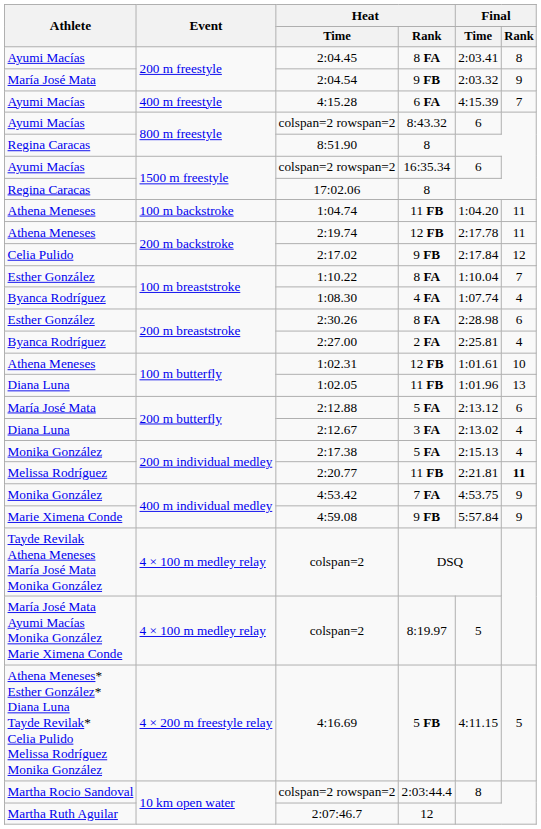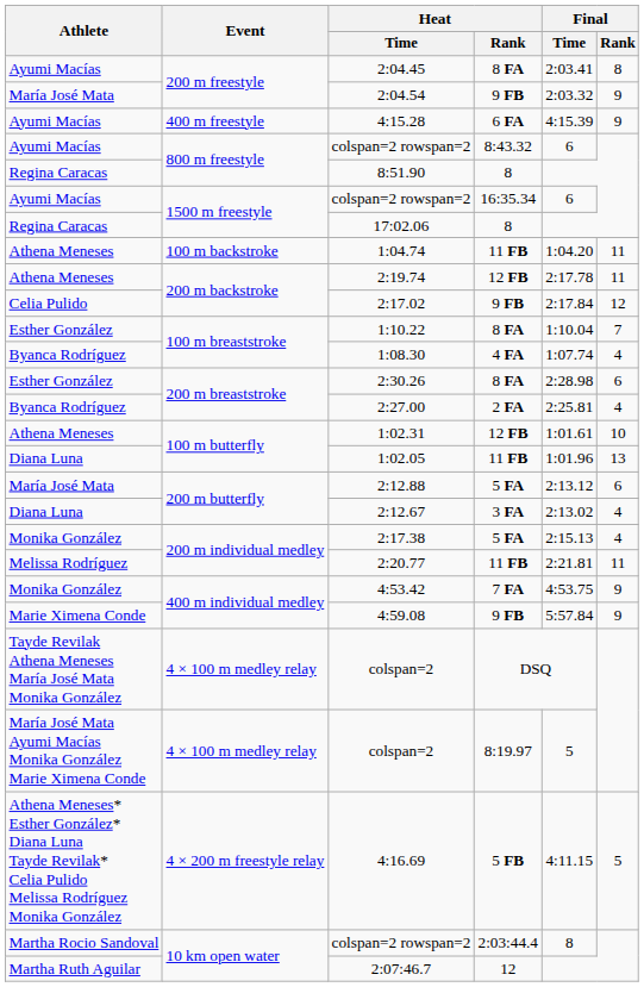 <table class=wikitable style=font-size:90%;text-align:center>
 <tr>
 <th rowspan=2>Athlete</th>
 <th rowspan=2>Event</th>
 <th colspan=2>Heat</th>
 <th colspan=2>Final</th>
 </tr>
 <tr style=font-size:95%>
 <th>Time</th>
 <th>Rank</th>
 <th>Time</th>
 <th>Rank</th>
 </tr>
 <tr>
 <td align=left><a href='#'>Ayumi Macías</a></td>
 <td align=left rowspan=2><a href='#'>200 m freestyle</a></td>
 <td>2:04.45</td>
 <td>8 <strong>FA</strong></td>
 <td>2:03.41</td>
 <td>8</td>
 </tr>
 <tr>
 <td align=left><a href='#'>María José Mata</a></td>
 <td>2:04.54</td>
 <td>9 <strong>FB</strong></td>
 <td>2:03.32</td>
 <td>9</td>
 </tr>
 <tr>
 <td align=left><a href='#'>Ayumi Macías</a></td>
 <td align=left><a href='#'>400 m freestyle</a></td>
 <td>4:15.28</td>
 <td>6 <strong>FA</strong></td>
 <td>4:15.39</td>
-<td>7</td>
+<td>9</td>
 </tr>
 <tr>
 <td align=left><a href='#'>Ayumi Macías</a></td>
 <td align=left rowspan=2><a href='#'>800 m freestyle</a></td>
 <td>colspan=2 rowspan=2 </td>
 <td>8:43.32</td>
 <td>6</td>
 </tr>
 <tr>
 <td align=left><a href='#'>Regina Caracas</a></td>
 <td>8:51.90</td>
 <td>8</td>
 </tr>
 <tr>
 <td align=left><a href='#'>Ayumi Macías</a></td>
 <td align=left rowspan=2><a href='#'>1500 m freestyle</a></td>
 <td>colspan=2 rowspan=2 </td>
 <td>16:35.34</td>
 <td>6</td>
 </tr>
 <tr>
 <td align=left><a href='#'>Regina Caracas</a></td>
 <td>17:02.06</td>
 <td>8</td>
 </tr>
 <tr>
 <td align=left><a href='#'>Athena Meneses</a></td>
 <td align=left><a href='#'>100 m backstroke</a></td>
 <td>1:04.74</td>
 <td>11 <strong>FB</strong></td>
 <td>1:04.20</td>
 <td>11</td>
 </tr>
 <tr>
 <td align=left><a href='#'>Athena Meneses</a></td>
 <td align=left rowspan=2><a href='#'>200 m backstroke</a></td>
 <td>2:19.74</td>
 <td>12 <strong>FB</strong></td>
 <td>2:17.78</td>
 <td>11</td>
 </tr>
 <tr>
 <td align=left><a href='#'>Celia Pulido</a></td>
 <td>2:17.02</td>
 <td>9 <strong>FB</strong></td>
 <td>2:17.84</td>
 <td>12</td>
 </tr>
 <tr>
 <td align=left><a href='#'>Esther González</a></td>
 <td align=left rowspan=2><a href='#'>100 m breaststroke</a></td>
 <td>1:10.22</td>
 <td>8 <strong>FA</strong></td>
 <td>1:10.04</td>
 <td>7</td>
 </tr>
 <tr>
 <td align=left><a href='#'>Byanca Rodríguez</a></td>
 <td>1:08.30</td>
 <td>4 <strong>FA</strong></td>
 <td>1:07.74</td>
 <td>4</td>
 </tr>
 <tr>
 <td align=left><a href='#'>Esther González</a></td>
 <td align=left rowspan=2><a href='#'>200 m breaststroke</a></td>
 <td>2:30.26</td>
 <td>8 <strong>FA</strong></td>
 <td>2:28.98</td>
 <td>6</td>
 </tr>
 <tr>
 <td align=left><a href='#'>Byanca Rodríguez</a></td>
 <td>2:27.00</td>
 <td>2 <strong>FA</strong></td>
 <td>2:25.81</td>
 <td>4</td>
 </tr>
 <tr>
 <td align=left><a href='#'>Athena Meneses</a></td>
 <td align=left rowspan=2><a href='#'>100 m butterfly</a></td>
 <td>1:02.31</td>
 <td>12 <strong>FB</strong></td>
 <td>1:01.61</td>
 <td>10</td>
 </tr>
 <tr>
 <td align=left><a href='#'>Diana Luna</a></td>
 <td>1:02.05</td>
 <td>11 <strong>FB</strong></td>
 <td>1:01.96</td>
 <td>13</td>
 </tr>
 <tr>
 <td align=left><a href='#'>María José Mata</a></td>
 <td align=left rowspan=2><a href='#'>200 m butterfly</a></td>
 <td>2:12.88</td>
 <td>5 <strong>FA</strong></td>
 <td>2:13.12</td>
 <td>6</td>
 </tr>
 <tr>
 <td align=left><a href='#'>Diana Luna</a></td>
 <td>2:12.67</td>
 <td>3 <strong>FA</strong></td>
 <td>2:13.02</td>
 <td>4</td>
 </tr>
 <tr>
 <td align=left><a href='#'>Monika González</a></td>
 <td align=left rowspan=2><a href='#'>200 m individual medley</a></td>
 <td>2:17.38</td>
 <td>5 <strong>FA</strong></td>
 <td>2:15.13</td>
 <td>4</td>
 </tr>
 <tr>
 <td align=left><a href='#'>Melissa Rodríguez</a></td>
 <td>2:20.77</td>
 <td>11 <strong>FB</strong></td>
 <td>2:21.81</td>
-<td><strong>11</strong></td>
+<td>11</td>
 </tr>
 <tr>
 <td align=left><a href='#'>Monika González</a></td>
 <td align=left rowspan=2><a href='#'>400 m individual medley</a></td>
 <td>4:53.42</td>
 <td>7 <strong>FA</strong></td>
 <td>4:53.75</td>
 <td>9</td>
 </tr>
 <tr>
 <td align=left><a href='#'>Marie Ximena Conde</a></td>
 <td>4:59.08</td>
 <td>9 <strong>FB</strong></td>
 <td>5:57.84</td>
 <td>9</td>
 </tr>
 <tr>
 <td align=left><a href='#'>Tayde Revilak</a><br><a href='#'>Athena Meneses</a><br><a href='#'>María José Mata</a><br><a href='#'>Monika González</a></td>
 <td align=left><a href='#'>4 × 100 m medley relay</a></td>
 <td>colspan=2 </td>
 <td colspan=2>DSQ</td>
 </tr>
 <tr>
 <td align=left><a href='#'>María José Mata</a><br><a href='#'>Ayumi Macías</a><br><a href='#'>Monika González</a><br><a href='#'>Marie Ximena Conde</a></td>
 <td align=left><a href='#'>4 × 100 m medley relay</a></td>
 <td>colspan=2 </td>
 <td>8:19.97</td>
 <td>5</td>
 </tr>
 <tr>
 <td align=left><a href='#'>Athena Meneses</a>*<br><a href='#'>Esther González</a>*<br><a href='#'>Diana Luna</a><br><a href='#'>Tayde Revilak</a>*<br><a href='#'>Celia Pulido</a><br><a href='#'>Melissa Rodríguez</a><br><a href='#'>Monika González</a></td>
 <td align=left><a href='#'>4 × 200 m freestyle relay</a></td>
 <td>4:16.69</td>
 <td>5 <strong>FB</strong></td>
 <td>4:11.15</td>
 <td>5</td>
 </tr>
 <tr>
 <td align=left><a href='#'>Martha Rocio Sandoval</a></td>
 <td align=left rowspan=2><a href='#'>10 km open water</a></td>
 <td>colspan=2 rowspan=2 </td>
 <td>2:03:44.4</td>
 <td>8</td>
 </tr>
 <tr>
 <td align=left><a href='#'>Martha Ruth Aguilar</a></td>
 <td>2:07:46.7</td>
 <td>12</td>
 </tr>
 </table>
